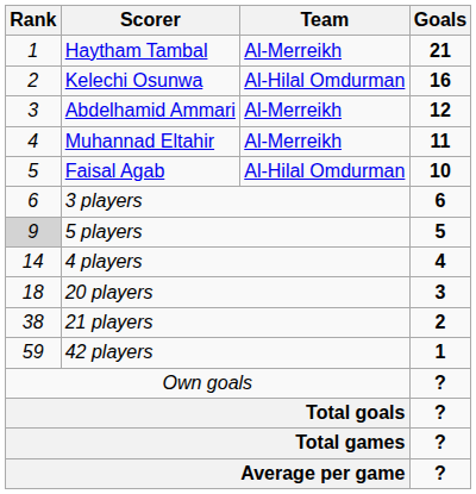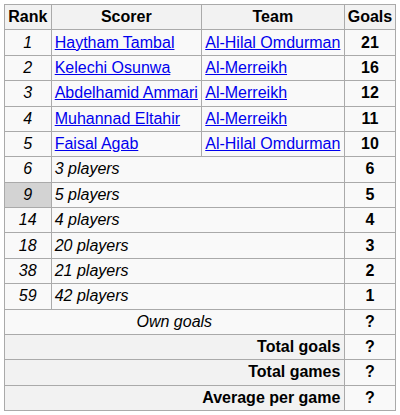 <table class="wikitable">
 <tr>
 <th>Rank</th>
 <th>Scorer</th>
 <th>Team</th>
 <th>Goals</th>
 </tr>
 <tr>
 <td align=center><em>1</em></td>
 <td> <a href='#'>Haytham Tambal</a></td>
-<td><a href='#'>Al-Merreikh</a></td>
+<td><a href='#'>Al-Hilal Omdurman</a></td>
 <td style="text-align:center;"><strong>21</strong></td>
 </tr>
 <tr>
 <td style="text-align:center;"><em>2</em></td>
 <td> <a href='#'>Kelechi Osunwa</a></td>
-<td><a href='#'>Al-Hilal Omdurman</a></td>
+<td><a href='#'>Al-Merreikh</a></td>
 <td style="text-align:center;"><strong>16</strong></td>
 </tr>
 <tr>
 <td style="text-align:center;"><em>3</em></td>
 <td> <a href='#'>Abdelhamid Ammari</a></td>
 <td><a href='#'>Al-Merreikh</a></td>
 <td style="text-align:center;"><strong>12</strong></td>
 </tr>
 <tr>
 <td style="text-align:center;"><em>4</em></td>
 <td> <a href='#'>Muhannad Eltahir</a></td>
 <td><a href='#'>Al-Merreikh</a></td>
 <td style="text-align:center;"><strong>11</strong></td>
 </tr>
 <tr>
 <td style="text-align:center;"><em>5</em></td>
 <td> <a href='#'>Faisal Agab</a></td>
 <td><a href='#'>Al-Hilal Omdurman</a></td>
 <td style="text-align:center;"><strong>10</strong></td>
 </tr>
 <tr>
 <td style="text-align:center;"><em>6</em></td>
 <td colspan=2><em>3 players</em></td>
 <td style="text-align:center;"><strong>6</strong></td>
 </tr>
 <tr>
 <td style="background: lightgrey; text-align:center;"><em>9</em></td>
 <td colspan=2><em>5 players</em></td>
 <td style="text-align:center;"><strong>5</strong></td>
 </tr>
 <tr>
 <td style="text-align:center;"><em>14</em></td>
 <td colspan=2><em>4 players</em></td>
 <td style="text-align:center;"><strong>4</strong></td>
 </tr>
 <tr>
 <td style="text-align:center;"><em>18</em></td>
 <td colspan=2><em>20 players</em></td>
 <td style="text-align:center;"><strong>3</strong></td>
 </tr>
 <tr>
 <td style="text-align:center;"><em>38</em></td>
 <td colspan=2><em>21 players</em></td>
 <td style="text-align:center;"><strong>2</strong></td>
 </tr>
 <tr>
 <td style="text-align:center;"><em>59</em></td>
 <td colspan=2><em>42 players</em></td>
 <td style="text-align:center;"><strong>1</strong></td>
 </tr>
 <tr style="text-align:center;">
 <td colspan="3"><em>Own goals</em></td>
 <td><strong>?</strong></td>
 </tr>
 <tr>
 <td colspan="3" style="background:#f2f2f2; text-align:right;"><strong>Total goals</strong></td>
 <td style="text-align:center;"><strong>?</strong></td>
 </tr>
 <tr>
 <td colspan="3" style="background:#f2f2f2; text-align:right;"><strong>Total games</strong></td>
 <td align=center><strong>?</strong></td>
 </tr>
 <tr>
 <td colspan="3" style="background:#f2f2f2; text-align:right;"><strong>Average per game</strong></td>
 <td style="text-align:center;"><strong>?</strong></td>
 </tr>
 </table>
